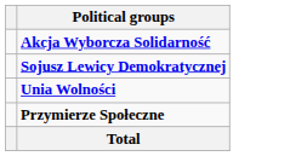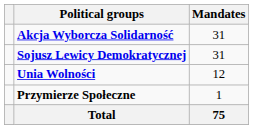 <table class="wikitable">
 <tr>
 <th width=5></th>
 <th>Political groups</th>
+<th>Mandates</th>
 </tr>
 <tr>
 <td style="background:"></td>
 <td><strong><a href='#'>Akcja Wyborcza Solidarność</a></strong></td>
+<td align="center">31</td>
 </tr>
 <tr>
 <td style="background:"></td>
 <td><strong><a href='#'>Sojusz Lewicy Demokratycznej</a></strong></td>
+<td align="center">31</td>
 </tr>
 <tr>
 <td style="background:"></td>
 <td><strong><a href='#'>Unia Wolności</a></strong></td>
+<td align="center">12</td>
 </tr>
 <tr>
 <td style="background:"></td>
 <td><strong>Przymierze Społeczne</strong></td>
+<td align="center">1</td>
 </tr>
 <tr bgcolor="#ececec">
 <th></th>
 <th>Total</th>
+<th align="center">75</th>
 </tr>
 </table>
